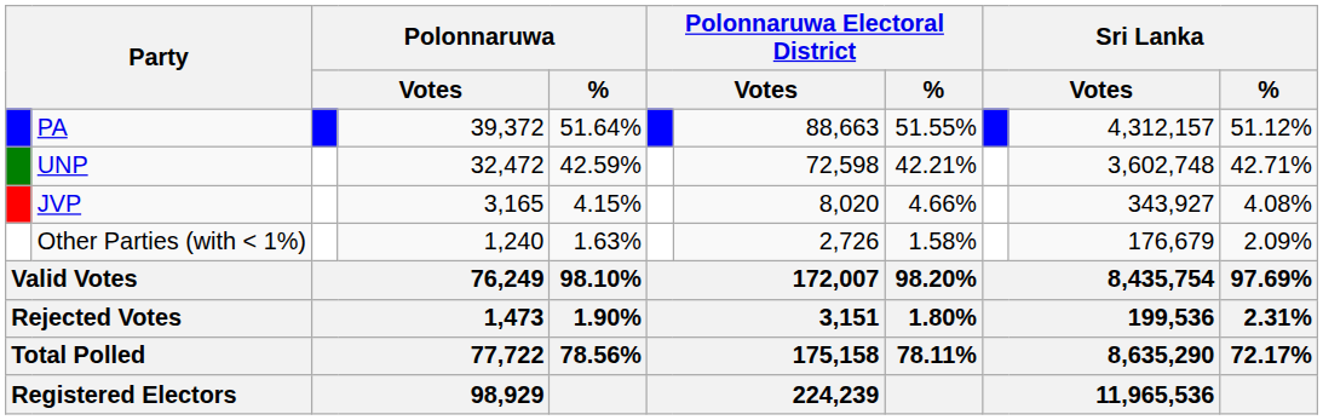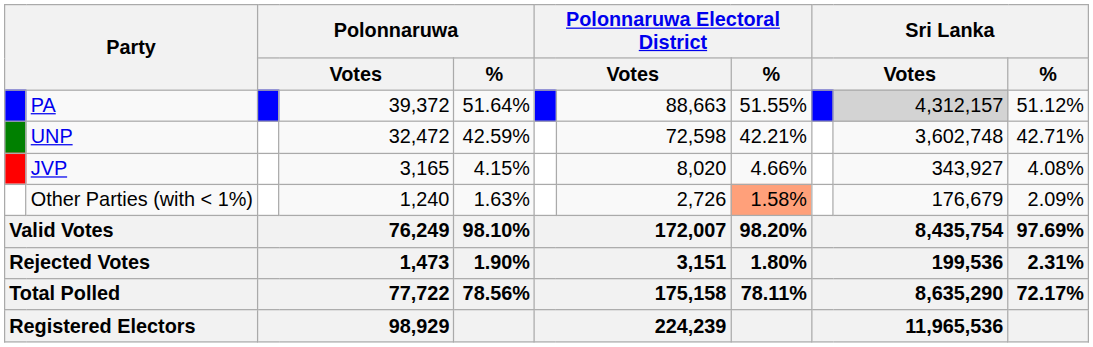 <table class="wikitable">
 <tr>
 <th colspan="2" width="144px"rowspan="2">Party</th>
 <th colspan="3" width="216px">Polonnaruwa</th>
 <th colspan="3" width="216px"><a href='#'>Polonnaruwa Electoral District</a></th>
 <th colspan="3" width="216px">Sri Lanka</th>
 </tr>
 <tr>
 <th colspan="2" width="144px">Votes</th>
 <th>%</th>
 <th colspan="2" width="144px">Votes</th>
 <th>%</th>
 <th colspan="2" width="144px">Votes</th>
 <th>%</th>
 </tr>
 <tr>
 <td style="background-color:blue;" width="10px"></td>
 <td style="text-align:left;"><a href='#'>PA</a></td>
 <td style="background-color:blue;" width="10px"></td>
 <td style="text-align:right;">39,372</td>
 <td style="text-align:right;">51.64%</td>
 <td style="background-color:blue;" width="10px"></td>
 <td style="text-align:right;">88,663</td>
 <td style="text-align:right;">51.55%</td>
 <td style="background-color:blue;" width="10px"></td>
-<td style="text-align:right;">4,312,157</td>
+<td style="background: lightgrey; text-align:right;">4,312,157</td>
 <td style="text-align:right;">51.12%</td>
 </tr>
 <tr>
 <td style="background-color:green;" width="10px"></td>
 <td style="text-align:left;"><a href='#'>UNP</a></td>
 <td style="background-color:white;" width="10px"></td>
 <td style="text-align:right;">32,472</td>
 <td style="text-align:right;">42.59%</td>
 <td style="background-color:white;" width="10px"></td>
 <td style="text-align:right;">72,598</td>
 <td style="text-align:right;">42.21%</td>
 <td style="background-color:white;" width="10px"></td>
 <td style="text-align:right;">3,602,748</td>
 <td style="text-align:right;">42.71%</td>
 </tr>
 <tr>
 <td style="background-color:red;" width="10px"></td>
 <td style="text-align:left;"><a href='#'>JVP</a></td>
 <td style="background-color:white;" width="10px"></td>
 <td style="text-align:right;">3,165</td>
 <td style="text-align:right;">4.15%</td>
 <td style="background-color:white;" width="10px"></td>
 <td style="text-align:right;">8,020</td>
 <td style="text-align:right;">4.66%</td>
 <td style="background-color:white;" width="10px"></td>
 <td style="text-align:right;">343,927</td>
 <td style="text-align:right;">4.08%</td>
 </tr>
 <tr>
 <td style="background-color:white;" width="10px"></td>
 <td style="text-align:left;">Other Parties (with < 1%)</td>
 <td style="background-color:white;" width="10px"></td>
 <td style="text-align:right;">1,240</td>
 <td style="text-align:right;">1.63%</td>
 <td style="background-color:white;" width="10px"></td>
 <td style="text-align:right;">2,726</td>
-<td style="text-align:right;">1.58%</td>
+<td style="background: lightsalmon; text-align:right;">1.58%</td>
 <td style="background-color:white;" width="10px"></td>
 <td style="text-align:right;">176,679</td>
 <td style="text-align:right;">2.09%</td>
 </tr>
 <tr>
 <th colspan="2" width="144px"style="text-align:left;">Valid Votes</th>
 <th style="text-align:right;"colspan="2" width="144px">76,249</th>
 <th style="text-align:right;">98.10%</th>
 <th style="text-align:right;"colspan="2" width="144px">172,007</th>
 <th style="text-align:right;">98.20%</th>
 <th style="text-align:right;"colspan="2" width="144px">8,435,754</th>
 <th style="text-align:right;">97.69%</th>
 </tr>
 <tr>
 <th colspan="2" width="144px"style="text-align:left;">Rejected Votes</th>
 <th style="text-align:right;"colspan="2" width="144px">1,473</th>
 <th style="text-align:right;">1.90%</th>
 <th style="text-align:right;"colspan="2" width="144px">3,151</th>
 <th style="text-align:right;">1.80%</th>
 <th style="text-align:right;"colspan="2" width="144px">199,536</th>
 <th style="text-align:right;">2.31%</th>
 </tr>
 <tr>
 <th colspan="2" width="144px"style="text-align:left;">Total Polled</th>
 <th style="text-align:right;"colspan="2" width="144px">77,722</th>
 <th style="text-align:right;">78.56%</th>
 <th style="text-align:right;"colspan="2" width="144px">175,158</th>
 <th style="text-align:right;">78.11%</th>
 <th style="text-align:right;"colspan="2" width="144px">8,635,290</th>
 <th style="text-align:right;">72.17%</th>
 </tr>
 <tr>
 <th colspan="2" width="144px"style="text-align:left;">Registered Electors</th>
 <th style="text-align:right;"colspan="2" width="144px">98,929</th>
 <th></th>
 <th style="text-align:right;"colspan="2" width="144px">224,239</th>
 <th></th>
 <th style="text-align:right;"colspan="2" width="144px">11,965,536</th>
 <th></th>
 </tr>
 </table>
